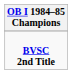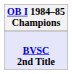 <table class="wikitable" style="text-align: center; margin: 0 auto;">
 <tr>
 <th><a href='#'>OB I</a> 1984–85<br>Champions</th>
 </tr>
 <tr>
 </tr>
 <tr>
-<td> <br><strong><a href='#'>BVSC</a></strong><br><strong>2nd Title</strong></td>
+<td style="background: lavender;"> <br><strong><a href='#'>BVSC</a></strong><br><strong>2nd Title</strong></td>
 </tr>
 </table>
